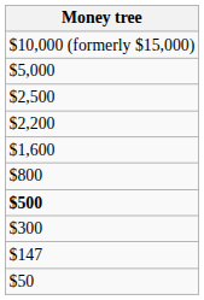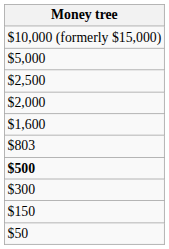 <table class="wikitable">
 <tr>
 <th>Money tree</th>
 </tr>
 <tr>
 <td>$10,000 (formerly $15,000)</td>
 </tr>
 <tr>
 <td>$5,000</td>
 </tr>
 <tr>
 <td>$2,500</td>
 </tr>
 <tr>
-<td>$2,200</td>
+<td>$2,000</td>
 </tr>
 <tr>
 <td>$1,600</td>
 </tr>
 <tr>
-<td>$800</td>
+<td>$803</td>
 </tr>
 <tr>
 <td><strong>$500</strong></td>
 </tr>
 <tr>
 <td>$300</td>
 </tr>
 <tr>
-<td>$147</td>
+<td>$150</td>
 </tr>
 <tr>
 <td>$50</td>
 </tr>
 </table>
